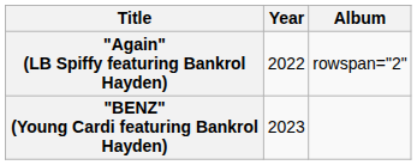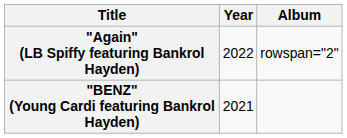 <table class="wikitable plainrowheaders" style="text-align:center;">
 <tr>
 <th scope="col" style="width:15em;">Title</th>
 <th scope="col">Year</th>
 <th scope="col">Album</th>
 </tr>
 <tr>
 <th scope="row">"Again" <br><span>(LB Spiffy featuring Bankrol Hayden)</span></th>
 <td>2022</td>
 <td>rowspan="2" </td>
 </tr>
 <tr>
 <th scope="row">"BENZ"<br><span>(Young Cardi featuring Bankrol Hayden)</span></th>
-<td>2023</td>
+<td>2021</td>
 </tr>
 </table>
